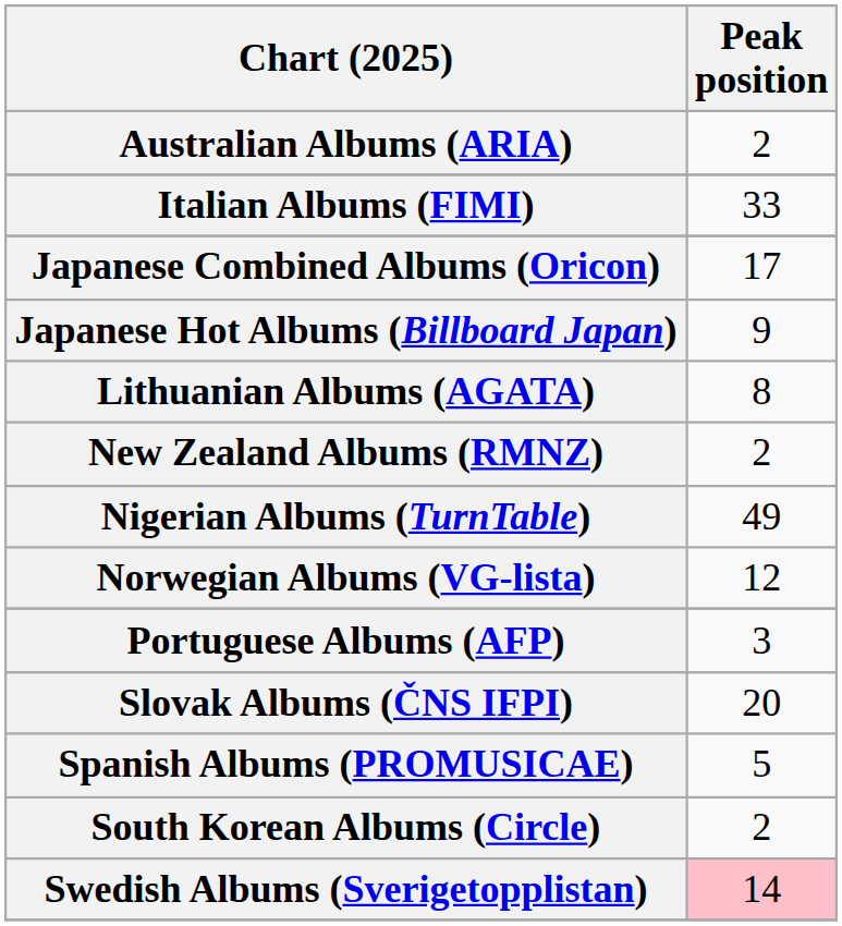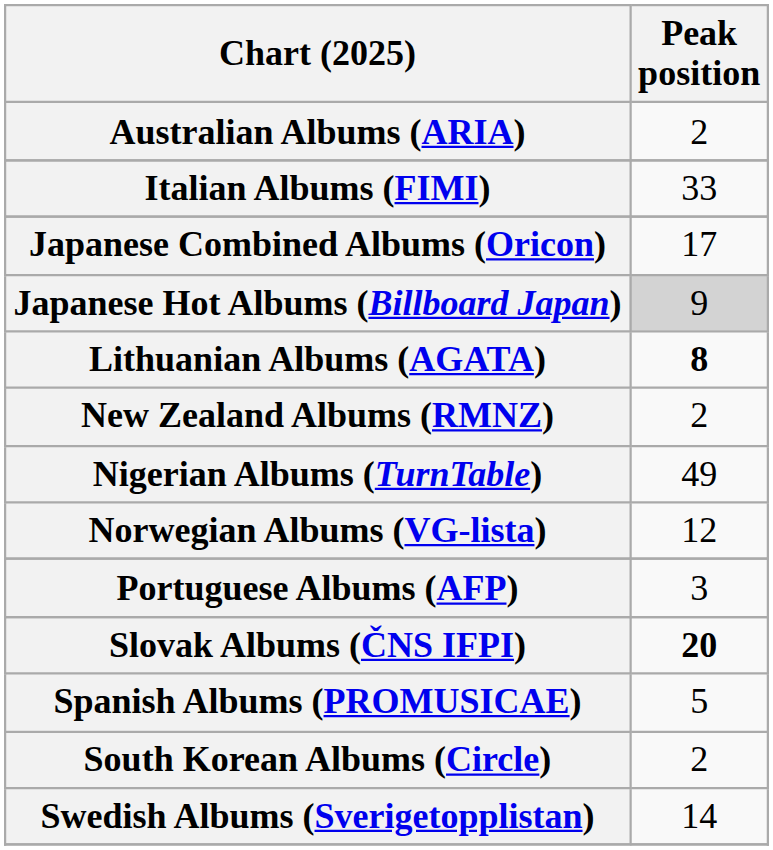 <table class="wikitable sortable plainrowheaders" style="text-align:center">
 <tr>
 <th scope="col">Chart (2025)</th>
 <th scope="col">Peak<br>position</th>
 </tr>
 <tr>
 <th scope="row">Australian Albums (<a href='#'>ARIA</a>)</th>
 <td>2</td>
 </tr>
 <tr>
 </tr>
 <tr>
 </tr>
 <tr>
 </tr>
 <tr>
 </tr>
 <tr>
 </tr>
 <tr>
 </tr>
 <tr>
 </tr>
 <tr>
 </tr>
 <tr>
 </tr>
 <tr>
 </tr>
 <tr>
 </tr>
 <tr>
 </tr>
 <tr>
 <th scope="row">Italian Albums (<a href='#'>FIMI</a>)</th>
 <td>33</td>
 </tr>
 <tr>
 </tr>
 <tr>
 <th scope="row">Japanese Combined Albums (<a href='#'>Oricon</a>)</th>
 <td>17</td>
 </tr>
 <tr>
 <th scope="row">Japanese Hot Albums (<em><a href='#'>Billboard Japan</a></em>)</th>
-<td>9</td>
+<td style="background: lightgrey;">9</td>
 </tr>
 <tr>
 <th scope="row">Lithuanian Albums (<a href='#'>AGATA</a>)</th>
-<td>8</td>
+<td><strong>8</strong></td>
 </tr>
 <tr>
 <th scope="row">New Zealand Albums (<a href='#'>RMNZ</a>)</th>
 <td>2</td>
 </tr>
 <tr>
 <th scope="row">Nigerian Albums (<a href='#'><em>TurnTable</em></a>)</th>
 <td>49</td>
 </tr>
 <tr>
 <th scope="row">Norwegian Albums (<a href='#'>VG-lista</a>)</th>
 <td>12</td>
 </tr>
 <tr>
 </tr>
 <tr>
 <th scope="row">Portuguese Albums (<a href='#'>AFP</a>)</th>
 <td>3</td>
 </tr>
 <tr>
 </tr>
 <tr>
 <th scope="row">Slovak Albums (<a href='#'>ČNS IFPI</a>)</th>
-<td>20</td>
+<td><strong>20</strong></td>
 </tr>
 <tr>
 <th scope="row">Spanish Albums (<a href='#'>PROMUSICAE</a>)</th>
 <td>5</td>
 </tr>
 <tr>
 <th scope="row">South Korean Albums (<a href='#'>Circle</a>)</th>
 <td>2</td>
 </tr>
 <tr>
 <th scope="row">Swedish Albums (<a href='#'>Sverigetopplistan</a>)</th>
-<td style="background: pink;">14</td>
+<td>14</td>
 </tr>
 <tr>
 </tr>
 <tr>
 </tr>
 <tr>
 </tr>
 </table>
